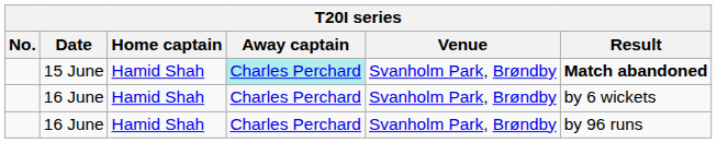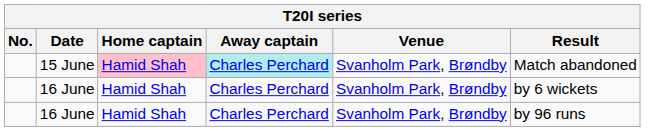 <table class="wikitable">
 <tr>
 <th colspan="9">T20I series</th>
 </tr>
 <tr>
 <th>No.</th>
 <th>Date</th>
 <th>Home captain</th>
 <th>Away captain</th>
 <th>Venue</th>
 <th>Result</th>
 </tr>
 <tr>
 <td></td>
 <td>15 June</td>
-<td><a href='#'>Hamid Shah</a></td>
+<td style="background: pink;"><a href='#'>Hamid Shah</a></td>
 <td style="background: paleturquoise;"><a href='#'>Charles Perchard</a></td>
 <td><a href='#'>Svanholm Park</a>, <a href='#'>Brøndby</a></td>
-<td><strong>Match abandoned</strong></td>
+<td>Match abandoned</td>
 </tr>
 <tr>
 <td></td>
 <td>16 June</td>
 <td><a href='#'>Hamid Shah</a></td>
 <td><a href='#'>Charles Perchard</a></td>
 <td><a href='#'>Svanholm Park</a>, <a href='#'>Brøndby</a></td>
 <td> by 6 wickets</td>
 </tr>
 <tr>
 <td></td>
 <td>16 June</td>
 <td><a href='#'>Hamid Shah</a></td>
 <td><a href='#'>Charles Perchard</a></td>
 <td><a href='#'>Svanholm Park</a>, <a href='#'>Brøndby</a></td>
 <td> by 96 runs</td>
 </tr>
 </table>
